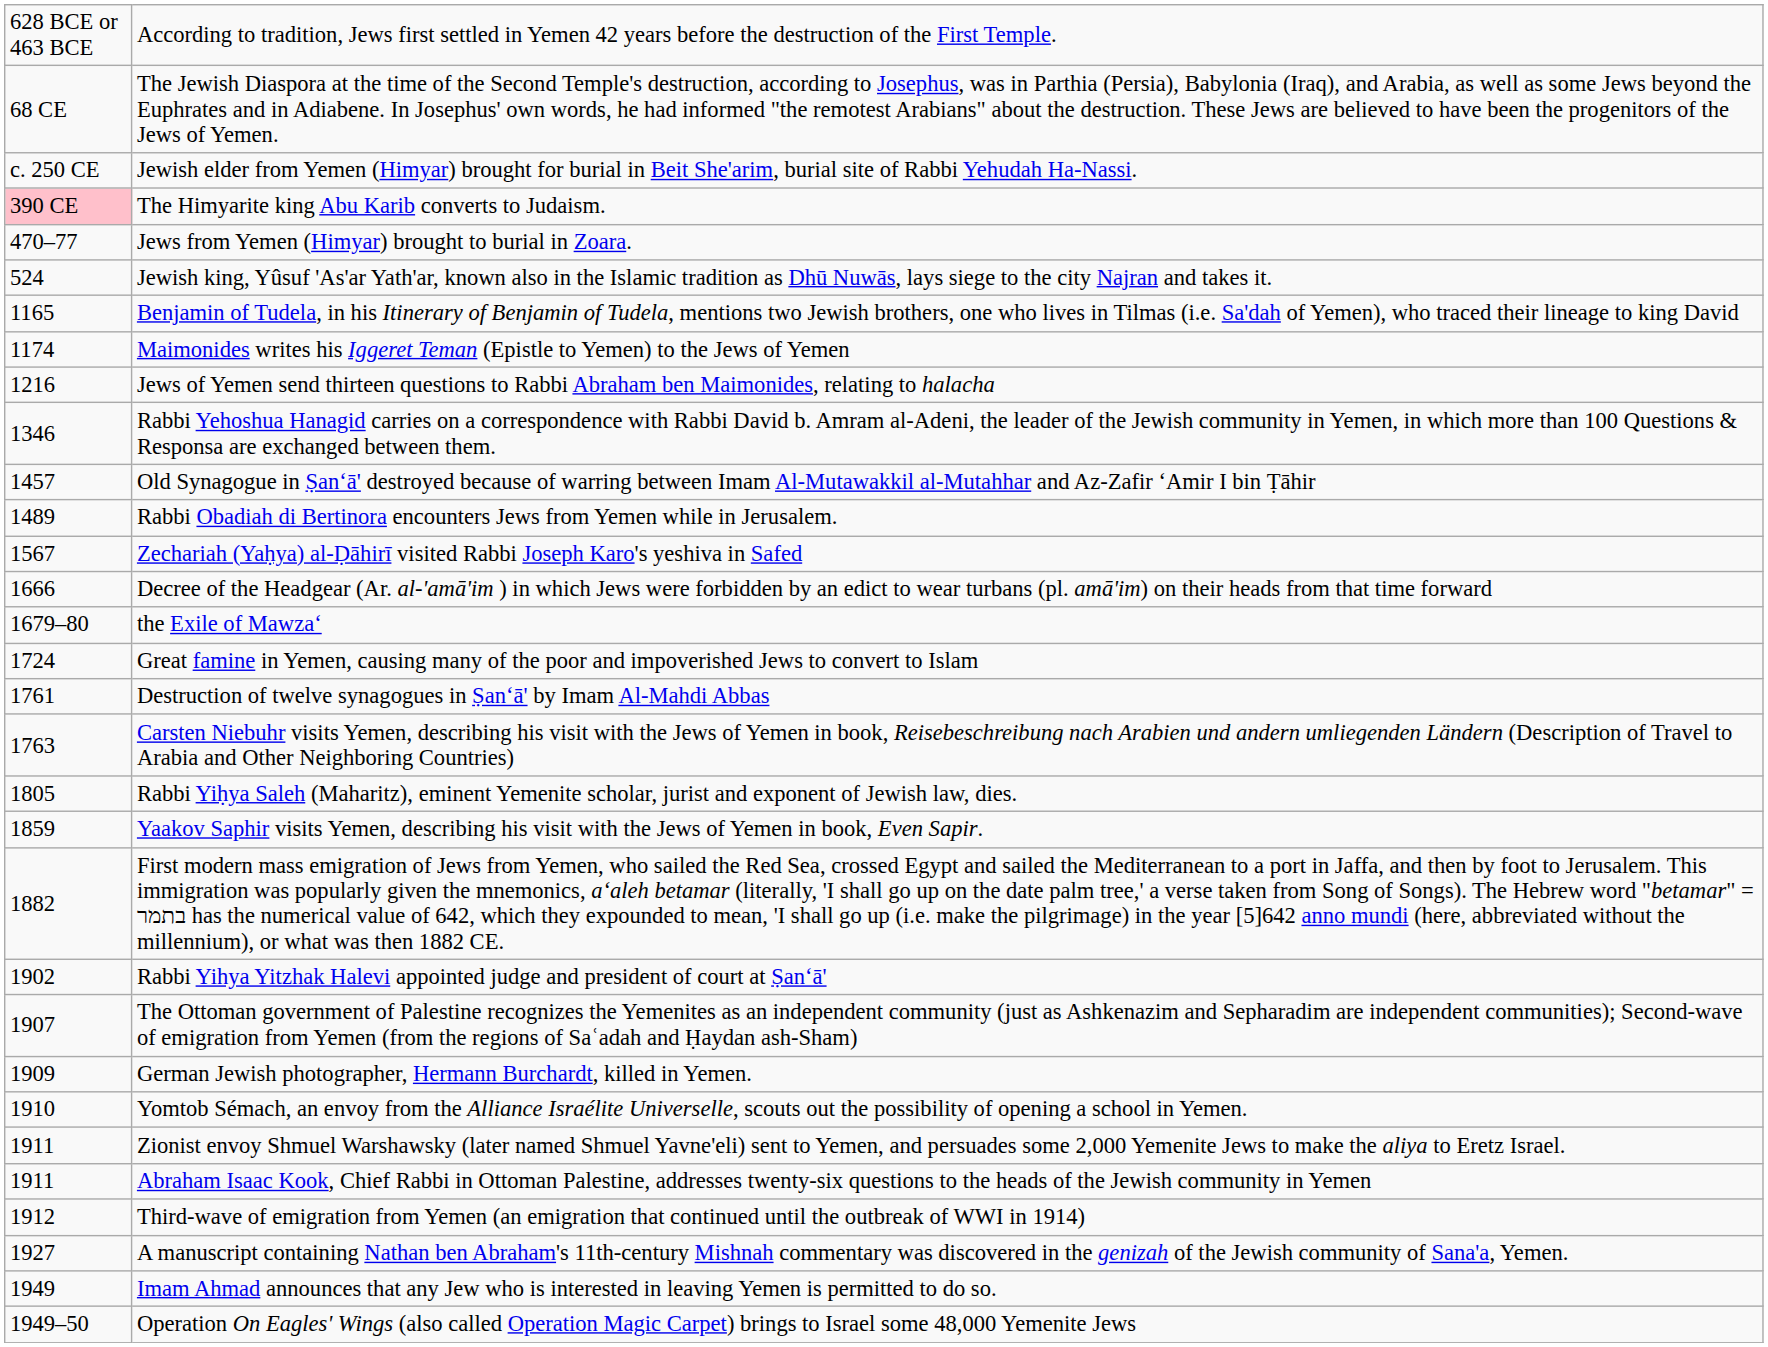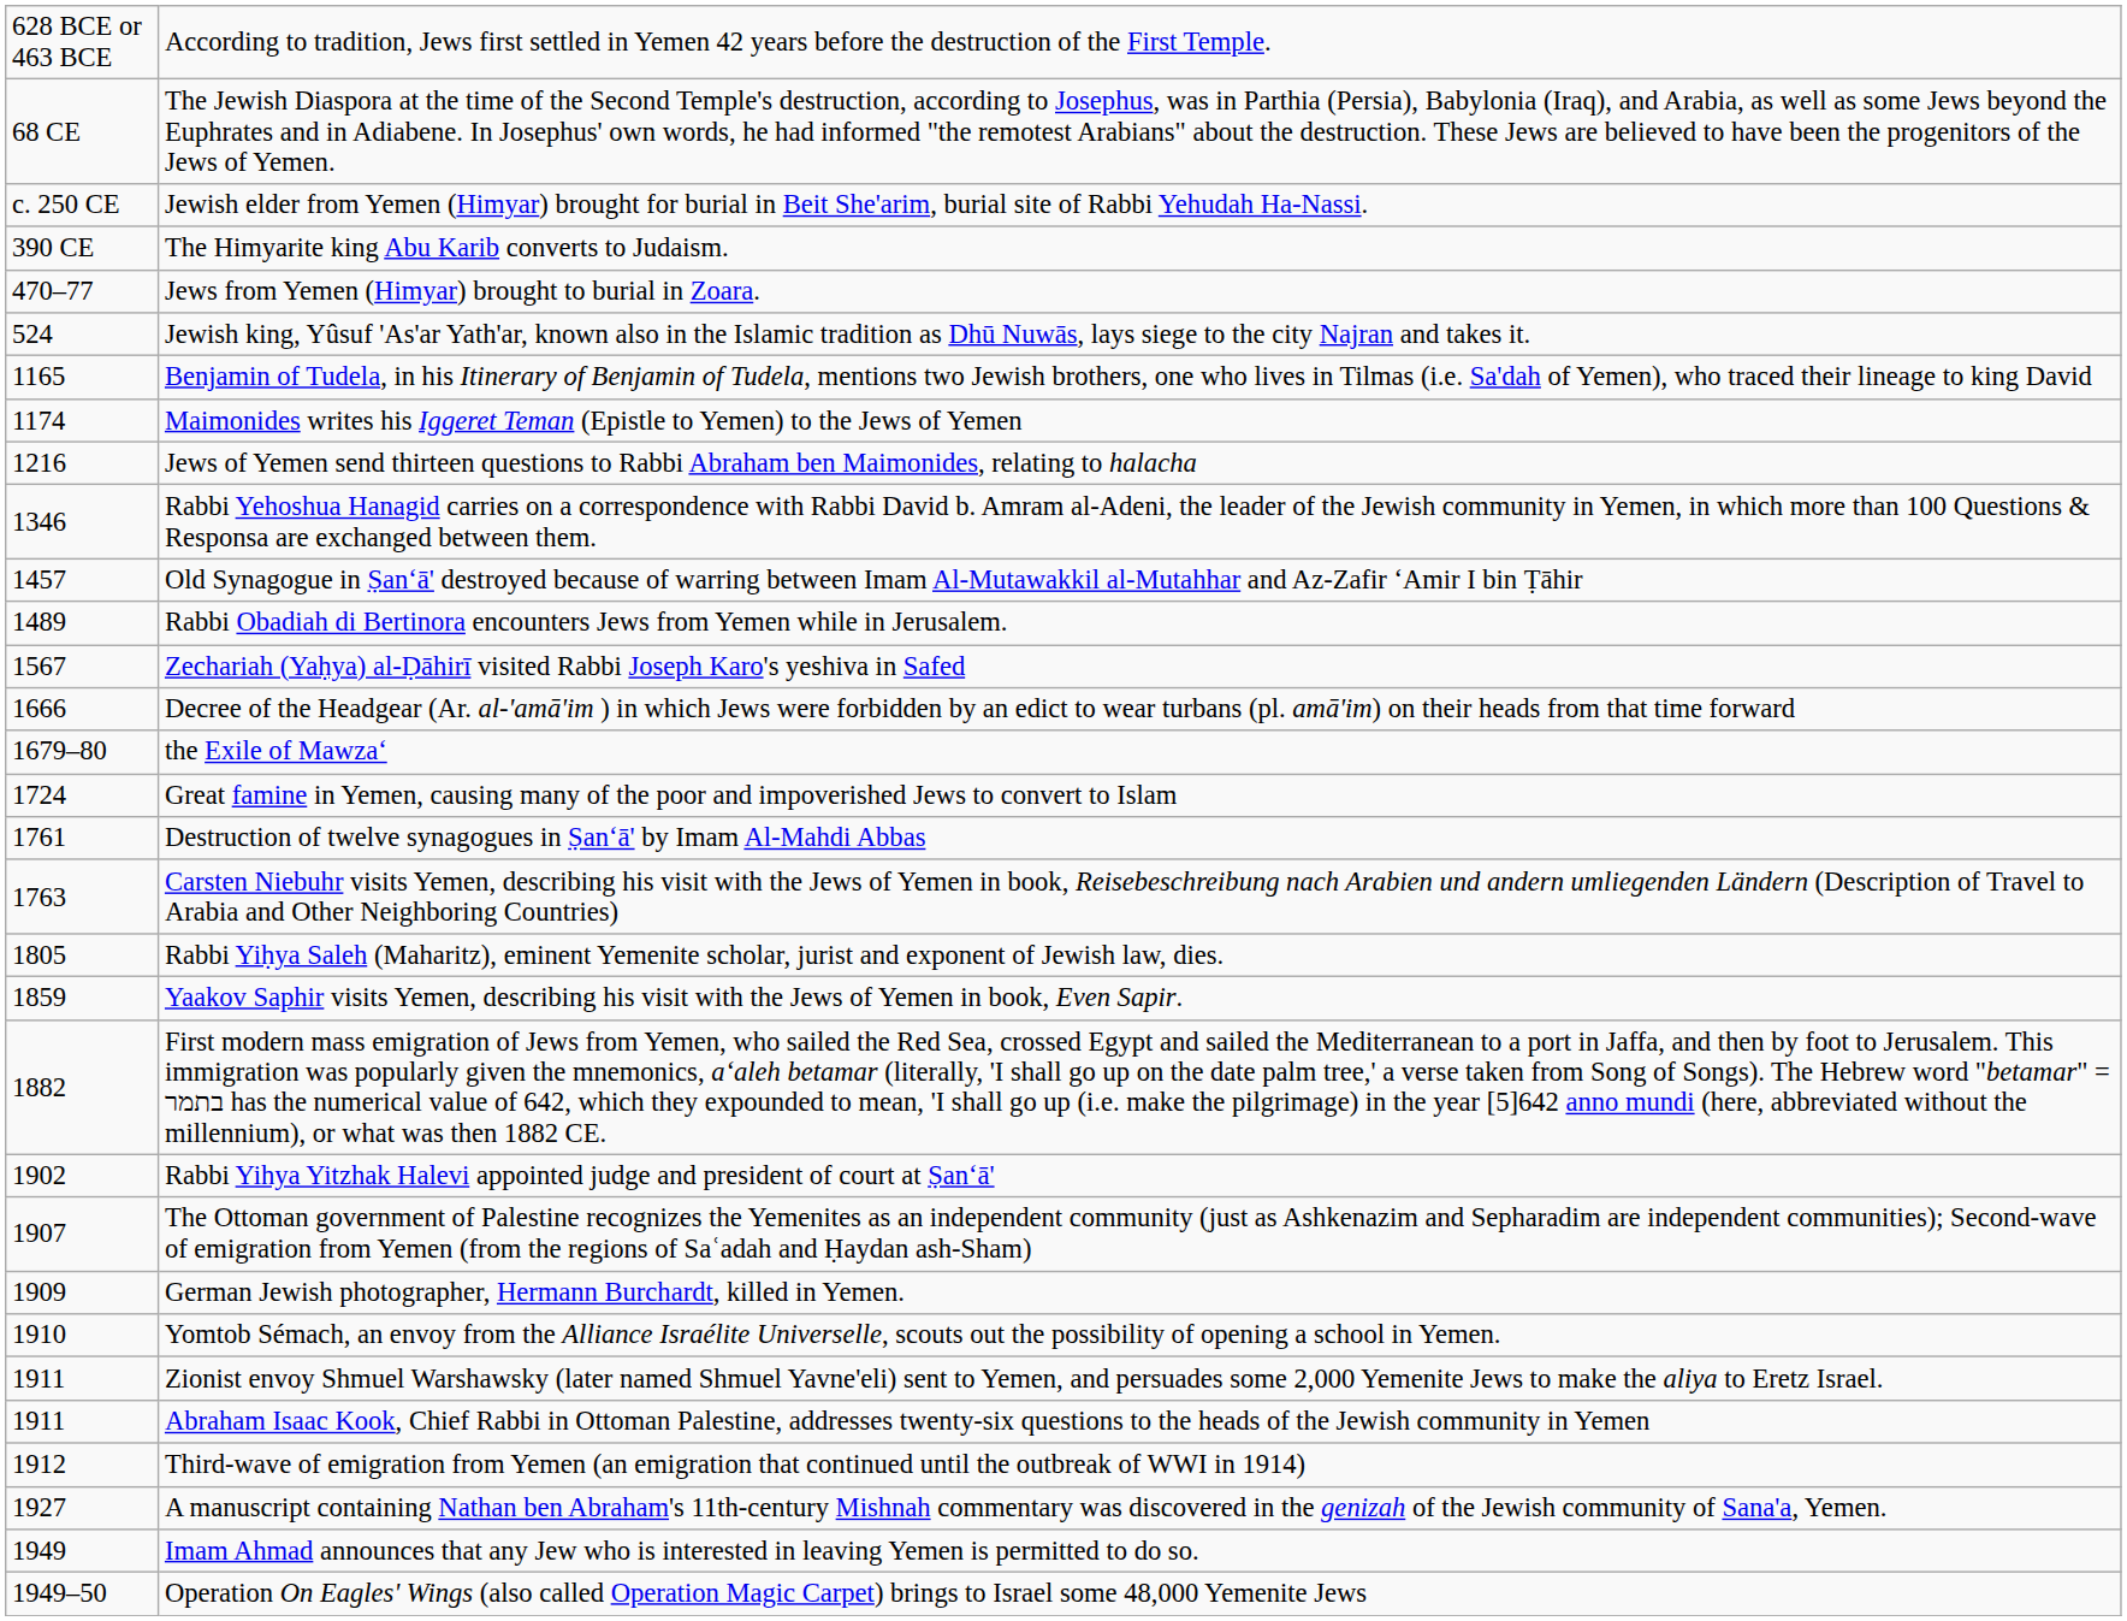 <table class="wikitable">
 <tr>
 <td>628 BCE or 463 BCE</td>
 <td>According to tradition, Jews first settled in Yemen 42 years before the destruction of the <a href='#'>First Temple</a>.</td>
 </tr>
 <tr>
 <td>68 CE</td>
 <td>The Jewish Diaspora at the time of the Second Temple's destruction, according to <a href='#'>Josephus</a>, was in Parthia (Persia), Babylonia (Iraq), and Arabia, as well as some Jews beyond the Euphrates and in Adiabene. In Josephus' own words, he had informed "the remotest Arabians" about the destruction. These Jews are believed to have been the progenitors of the Jews of Yemen.</td>
 </tr>
 <tr>
 <td>c. 250 CE</td>
 <td>Jewish elder from Yemen (<a href='#'>Himyar</a>) brought for burial in <a href='#'>Beit She'arim</a>, burial site of Rabbi <a href='#'>Yehudah Ha-Nassi</a>.</td>
 </tr>
 <tr>
-<td style="background: pink;">390 CE</td>
+<td>390 CE</td>
 <td>The Himyarite king <a href='#'>Abu Karib</a> converts to Judaism.</td>
 </tr>
 <tr>
 <td>470–77</td>
 <td>Jews from Yemen (<a href='#'>Himyar</a>) brought to burial in <a href='#'>Zoara</a>.</td>
 </tr>
 <tr>
 <td>524</td>
 <td>Jewish king, Yûsuf 'As'ar Yath'ar, known also in the Islamic tradition as <a href='#'>Dhū Nuwās</a>, lays siege to the city <a href='#'>Najran</a> and takes it.</td>
 </tr>
 <tr>
 <td>1165</td>
 <td><a href='#'>Benjamin of Tudela</a>, in his <em>Itinerary of Benjamin of Tudela</em>, mentions two Jewish brothers, one who lives in Tilmas (i.e. <a href='#'>Sa'dah</a> of Yemen), who traced their lineage to king David</td>
 </tr>
 <tr>
 <td>1174</td>
 <td><a href='#'>Maimonides</a> writes his <em><a href='#'>Iggeret Teman</a></em> (Epistle to Yemen) to the Jews of Yemen</td>
 </tr>
 <tr>
 <td>1216</td>
 <td>Jews of Yemen send thirteen questions to Rabbi <a href='#'>Abraham ben Maimonides</a>, relating to <em>halacha</em></td>
 </tr>
 <tr>
 <td>1346</td>
 <td>Rabbi <a href='#'>Yehoshua Hanagid</a> carries on a correspondence with Rabbi David b. Amram al-Adeni, the leader of the Jewish community in Yemen, in which more than 100 Questions & Responsa are exchanged between them.</td>
 </tr>
 <tr>
 <td>1457</td>
 <td>Old Synagogue in <a href='#'>Ṣanʻā'</a> destroyed because of warring between Imam <a href='#'>Al-Mutawakkil al-Mutahhar</a> and Az-Zafir ʻAmir I bin Ṭāhir</td>
 </tr>
 <tr>
 <td>1489</td>
 <td>Rabbi <a href='#'>Obadiah di Bertinora</a> encounters Jews from Yemen while in Jerusalem.</td>
 </tr>
 <tr>
 <td>1567</td>
 <td><a href='#'>Zechariah (Yaḥya) al-Ḍāhirī</a> visited Rabbi <a href='#'>Joseph Karo</a>'s yeshiva in <a href='#'>Safed</a></td>
 </tr>
 <tr>
 <td>1666</td>
 <td>Decree of the Headgear (Ar. <em>al-'amā'im</em> ) in which Jews were forbidden by an edict to wear turbans (pl. <em>amā'im</em>) on their heads from that time forward</td>
 </tr>
 <tr>
 <td>1679–80</td>
 <td>the <a href='#'>Exile of Mawzaʻ</a></td>
 </tr>
 <tr>
 <td>1724</td>
 <td>Great <a href='#'>famine</a> in Yemen, causing many of the poor and impoverished Jews to convert to Islam</td>
 </tr>
 <tr>
 <td>1761</td>
 <td>Destruction of twelve synagogues in <a href='#'>Ṣanʻā'</a> by Imam <a href='#'>Al-Mahdi Abbas</a></td>
 </tr>
 <tr>
 <td>1763</td>
 <td><a href='#'>Carsten Niebuhr</a> visits Yemen, describing his visit with the Jews of Yemen in book, <em>Reisebeschreibung nach Arabien und andern umliegenden Ländern</em> (Description of Travel to Arabia and Other Neighboring Countries)</td>
 </tr>
 <tr>
 <td>1805</td>
 <td>Rabbi <a href='#'>Yiḥya Saleh</a> (Maharitz), eminent Yemenite scholar, jurist and exponent of Jewish law, dies.</td>
 </tr>
 <tr>
 <td>1859</td>
 <td><a href='#'>Yaakov Saphir</a> visits Yemen, describing his visit with the Jews of Yemen in book, <em>Even Sapir</em>.</td>
 </tr>
 <tr>
 <td>1882</td>
 <td>First modern mass emigration of Jews from Yemen, who sailed the Red Sea, crossed Egypt and sailed the Mediterranean to a port in Jaffa, and then by foot to Jerusalem. This immigration was popularly given the mnemonics, <em>aʻaleh betamar</em> (literally, 'I shall go up on the date palm tree,' a verse taken from Song of Songs). The Hebrew word "<em>betamar</em>" = בתמר has the numerical value of 642, which they expounded to mean, 'I shall go up (i.e. make the pilgrimage) in the year [5]642 <a href='#'>anno mundi</a> (here, abbreviated without the millennium), or what was then 1882 CE.</td>
 </tr>
 <tr>
 <td>1902</td>
 <td>Rabbi <a href='#'>Yihya Yitzhak Halevi</a> appointed judge and president of court at <a href='#'>Ṣanʻā'</a></td>
 </tr>
 <tr>
 <td>1907</td>
 <td>The Ottoman government of Palestine recognizes the Yemenites as an independent community (just as Ashkenazim and Sepharadim are independent communities); Second-wave of emigration from Yemen (from the regions of Saʿadah and Ḥaydan ash-Sham)</td>
 </tr>
 <tr>
 <td>1909</td>
 <td>German Jewish photographer, <a href='#'>Hermann Burchardt</a>, killed in Yemen.</td>
 </tr>
 <tr>
 <td>1910</td>
 <td>Yomtob Sémach, an envoy from the <em>Alliance Israélite Universelle</em>, scouts out the possibility of opening a school in Yemen.</td>
 </tr>
 <tr>
 <td>1911</td>
 <td>Zionist envoy Shmuel Warshawsky (later named Shmuel Yavne'eli) sent to Yemen, and persuades some 2,000 Yemenite Jews to make the <em>aliya</em> to Eretz Israel.</td>
 </tr>
 <tr>
 <td>1911</td>
 <td><a href='#'>Abraham Isaac Kook</a>, Chief Rabbi in Ottoman Palestine, addresses twenty-six questions to the heads of the Jewish community in Yemen</td>
 </tr>
 <tr>
 <td>1912</td>
 <td>Third-wave of emigration from Yemen (an emigration that continued until the outbreak of WWI in 1914)</td>
 </tr>
 <tr>
 <td>1927</td>
 <td>A manuscript containing <a href='#'>Nathan ben Abraham</a>'s 11th-century <a href='#'>Mishnah</a> commentary was discovered in the <em><a href='#'>genizah</a></em> of the Jewish community of <a href='#'>Sana'a</a>, Yemen.</td>
 </tr>
 <tr>
 <td>1949</td>
 <td><a href='#'>Imam Ahmad</a> announces that any Jew who is interested in leaving Yemen is permitted to do so.</td>
 </tr>
 <tr>
 <td>1949–50</td>
 <td>Operation <em>On Eagles' Wings</em> (also called <a href='#'>Operation Magic Carpet</a>) brings to Israel some 48,000 Yemenite Jews</td>
 </tr>
 </table>
